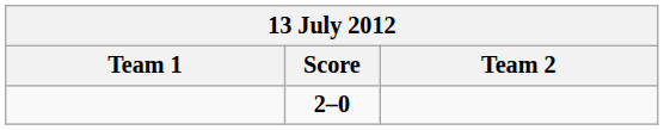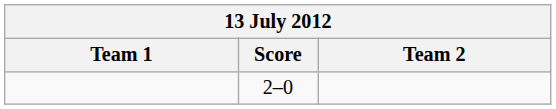 <table class="wikitable" style="text-align: center; font-size:90% ">
 <tr>
 <th colspan=3>13 July 2012</th>
 </tr>
 <tr>
 <th align="right" width="160">Team 1</th>
 <th width="50">Score</th>
 <th align="left" width="160">Team 2</th>
 </tr>
 <tr>
 <td align=right><strong></strong></td>
-<td align=center><strong>2–0</strong></td>
+<td align=center>2–0</td>
 <td align=left></td>
 </tr>
 </table>
